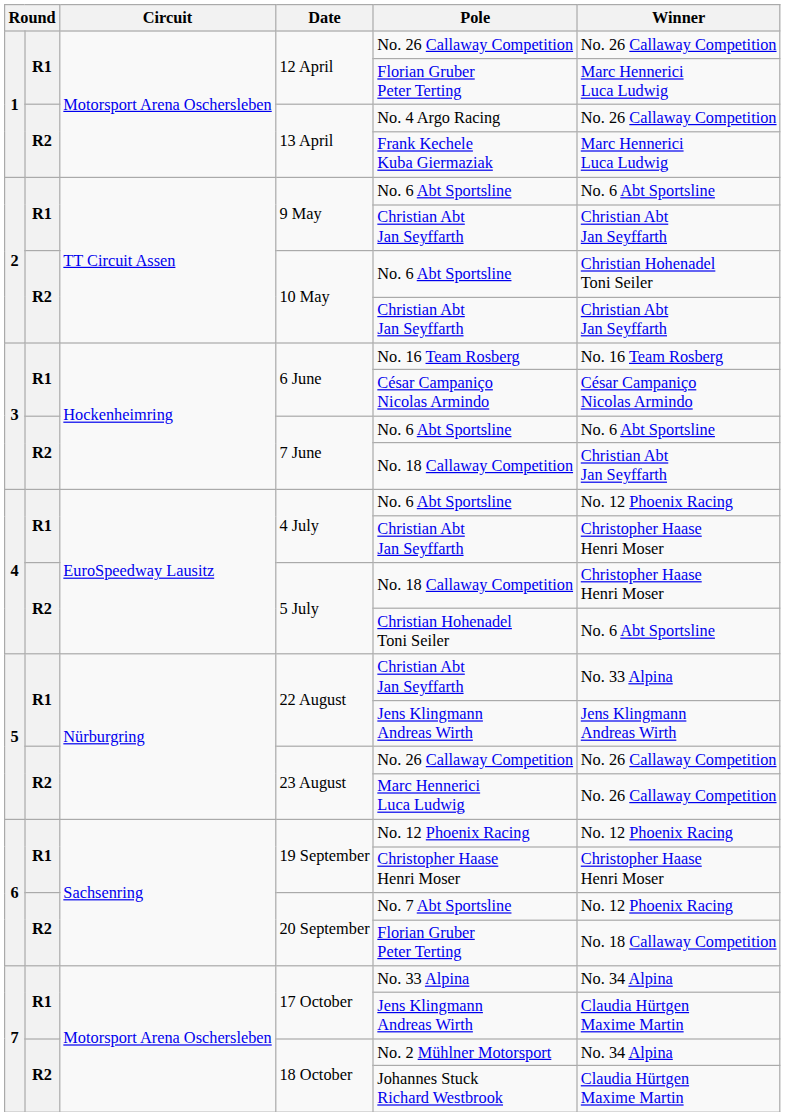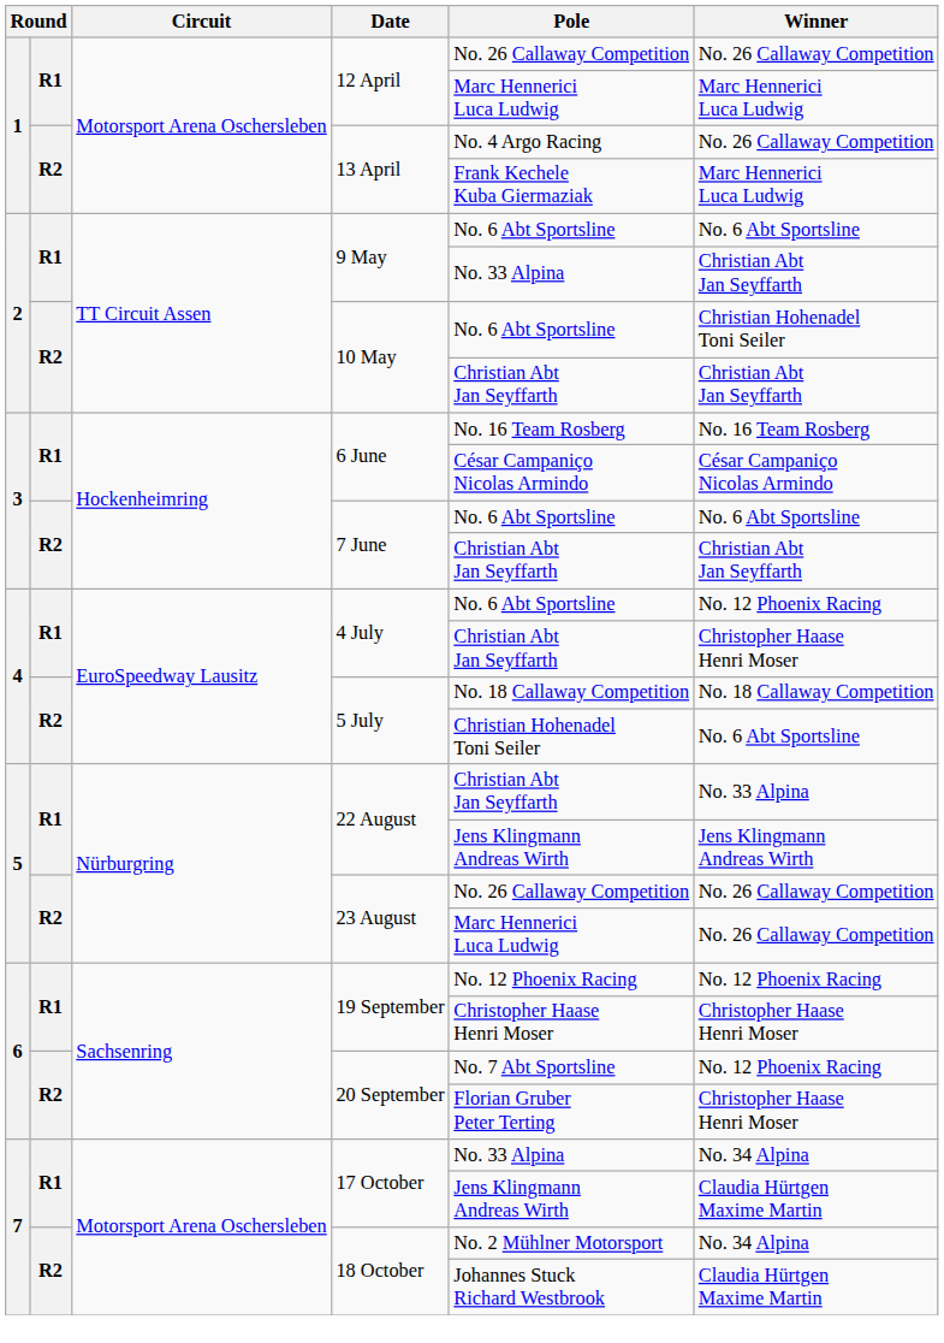 <table class="wikitable" style="font-size: 85%;">
 <tr>
 <th colspan=2>Round</th>
 <th>Circuit</th>
 <th>Date</th>
 <th>Pole</th>
 <th>Winner</th>
 </tr>
 <tr>
 <th rowspan=4>1</th>
 <th rowspan=2>R1</th>
 <td rowspan=4> <a href='#'>Motorsport Arena Oschersleben</a></td>
 <td rowspan=2>12 April</td>
 <td>No. 26 <a href='#'>Callaway Competition</a></td>
 <td>No. 26 <a href='#'>Callaway Competition</a></td>
 </tr>
 <tr>
-<td> <a href='#'>Florian Gruber</a><br> <a href='#'>Peter Terting</a></td>
+<td> <a href='#'>Marc Hennerici</a><br> <a href='#'>Luca Ludwig</a></td>
 <td> <a href='#'>Marc Hennerici</a><br> <a href='#'>Luca Ludwig</a></td>
 </tr>
 <tr>
 <th rowspan=2>R2</th>
 <td rowspan=2>13 April</td>
 <td>No. 4 Argo Racing</td>
 <td>No. 26 <a href='#'>Callaway Competition</a></td>
 </tr>
 <tr>
 <td> <a href='#'>Frank Kechele</a><br> <a href='#'>Kuba Giermaziak</a></td>
 <td> <a href='#'>Marc Hennerici</a><br> <a href='#'>Luca Ludwig</a></td>
 </tr>
 <tr>
 <th rowspan=4>2</th>
 <th rowspan=2>R1</th>
 <td rowspan=4> <a href='#'>TT Circuit Assen</a></td>
 <td rowspan=2>9 May</td>
 <td>No. 6 <a href='#'>Abt Sportsline</a></td>
 <td>No. 6 <a href='#'>Abt Sportsline</a></td>
 </tr>
 <tr>
-<td> <a href='#'>Christian Abt</a><br> <a href='#'>Jan Seyffarth</a></td>
+<td>No. 33 <a href='#'>Alpina</a></td>
 <td> <a href='#'>Christian Abt</a><br> <a href='#'>Jan Seyffarth</a></td>
 </tr>
 <tr>
 <th rowspan=2>R2</th>
 <td rowspan=2>10 May</td>
 <td>No. 6 <a href='#'>Abt Sportsline</a></td>
 <td> <a href='#'>Christian Hohenadel</a><br> Toni Seiler</td>
 </tr>
 <tr>
 <td> <a href='#'>Christian Abt</a><br> <a href='#'>Jan Seyffarth</a></td>
 <td> <a href='#'>Christian Abt</a><br> <a href='#'>Jan Seyffarth</a></td>
 </tr>
 <tr>
 <th rowspan=4>3</th>
 <th rowspan=2>R1</th>
 <td rowspan=4> <a href='#'>Hockenheimring</a></td>
 <td rowspan=2>6 June</td>
 <td>No. 16 <a href='#'>Team Rosberg</a></td>
 <td>No. 16 <a href='#'>Team Rosberg</a></td>
 </tr>
 <tr>
 <td> <a href='#'>César Campaniço</a><br> <a href='#'>Nicolas Armindo</a></td>
 <td> <a href='#'>César Campaniço</a><br> <a href='#'>Nicolas Armindo</a></td>
 </tr>
 <tr>
 <th rowspan=2>R2</th>
 <td rowspan=2>7 June</td>
 <td>No. 6 <a href='#'>Abt Sportsline</a></td>
 <td>No. 6 <a href='#'>Abt Sportsline</a></td>
 </tr>
 <tr>
-<td>No. 18 <a href='#'>Callaway Competition</a></td>
+<td> <a href='#'>Christian Abt</a><br> <a href='#'>Jan Seyffarth</a></td>
 <td> <a href='#'>Christian Abt</a><br> <a href='#'>Jan Seyffarth</a></td>
 </tr>
 <tr>
 <th rowspan=4>4</th>
 <th rowspan=2>R1</th>
 <td rowspan=4> <a href='#'>EuroSpeedway Lausitz</a></td>
 <td rowspan=2>4 July</td>
 <td>No. 6 <a href='#'>Abt Sportsline</a></td>
 <td>No. 12 <a href='#'>Phoenix Racing</a></td>
 </tr>
 <tr>
 <td> <a href='#'>Christian Abt</a><br> <a href='#'>Jan Seyffarth</a></td>
 <td> <a href='#'>Christopher Haase</a><br> Henri Moser</td>
 </tr>
 <tr>
 <th rowspan=2>R2</th>
 <td rowspan=2>5 July</td>
 <td>No. 18 <a href='#'>Callaway Competition</a></td>
-<td> <a href='#'>Christopher Haase</a><br> Henri Moser</td>
+<td>No. 18 <a href='#'>Callaway Competition</a></td>
 </tr>
 <tr>
 <td> <a href='#'>Christian Hohenadel</a><br> Toni Seiler</td>
 <td>No. 6 <a href='#'>Abt Sportsline</a></td>
 </tr>
 <tr>
 <th rowspan=4>5</th>
 <th rowspan=2>R1</th>
 <td rowspan=4> <a href='#'>Nürburgring</a></td>
 <td rowspan=2>22 August</td>
 <td> <a href='#'>Christian Abt</a><br> <a href='#'>Jan Seyffarth</a></td>
 <td>No. 33 <a href='#'>Alpina</a></td>
 </tr>
 <tr>
 <td> <a href='#'>Jens Klingmann</a><br> <a href='#'>Andreas Wirth</a></td>
 <td> <a href='#'>Jens Klingmann</a><br> <a href='#'>Andreas Wirth</a></td>
 </tr>
 <tr>
 <th rowspan=2>R2</th>
 <td rowspan=2>23 August</td>
 <td>No. 26 <a href='#'>Callaway Competition</a></td>
 <td>No. 26 <a href='#'>Callaway Competition</a></td>
 </tr>
 <tr>
 <td> <a href='#'>Marc Hennerici</a><br> <a href='#'>Luca Ludwig</a></td>
 <td>No. 26 <a href='#'>Callaway Competition</a></td>
 </tr>
 <tr>
 <th rowspan=4>6</th>
 <th rowspan=2>R1</th>
 <td rowspan=4> <a href='#'>Sachsenring</a></td>
 <td rowspan=2>19 September</td>
 <td>No. 12 <a href='#'>Phoenix Racing</a></td>
 <td>No. 12 <a href='#'>Phoenix Racing</a></td>
 </tr>
 <tr>
 <td> <a href='#'>Christopher Haase</a><br> Henri Moser</td>
 <td> <a href='#'>Christopher Haase</a><br> Henri Moser</td>
 </tr>
 <tr>
 <th rowspan=2>R2</th>
 <td rowspan=2>20 September</td>
 <td>No. 7 <a href='#'>Abt Sportsline</a></td>
 <td>No. 12 <a href='#'>Phoenix Racing</a></td>
 </tr>
 <tr>
 <td> <a href='#'>Florian Gruber</a><br> <a href='#'>Peter Terting</a></td>
-<td>No. 18 <a href='#'>Callaway Competition</a></td>
+<td> <a href='#'>Christopher Haase</a><br> Henri Moser</td>
 </tr>
 <tr>
 <th rowspan=4>7</th>
 <th rowspan=2>R1</th>
 <td rowspan=4> <a href='#'>Motorsport Arena Oschersleben</a></td>
 <td rowspan=2>17 October</td>
 <td>No. 33 <a href='#'>Alpina</a></td>
 <td>No. 34 <a href='#'>Alpina</a></td>
 </tr>
 <tr>
 <td> <a href='#'>Jens Klingmann</a><br> <a href='#'>Andreas Wirth</a></td>
 <td> <a href='#'>Claudia Hürtgen</a><br> <a href='#'>Maxime Martin</a></td>
 </tr>
 <tr>
 <th rowspan=2>R2</th>
 <td rowspan=2>18 October</td>
 <td>No. 2 <a href='#'>Mühlner Motorsport</a></td>
 <td>No. 34 <a href='#'>Alpina</a></td>
 </tr>
 <tr>
 <td> Johannes Stuck<br> <a href='#'>Richard Westbrook</a></td>
 <td> <a href='#'>Claudia Hürtgen</a><br> <a href='#'>Maxime Martin</a></td>
 </tr>
 </table>
